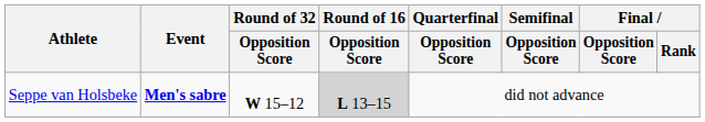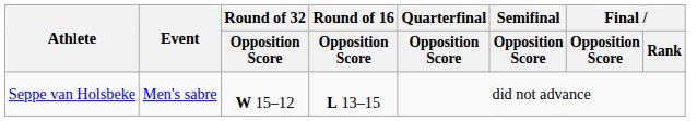 <table class="wikitable" style="font-size:90%">
 <tr>
 <th rowspan=2>Athlete</th>
 <th rowspan=2>Event</th>
 <th>Round of 32</th>
 <th>Round of 16</th>
 <th>Quarterfinal</th>
 <th>Semifinal</th>
 <th colspan=2>Final / </th>
 </tr>
 <tr style="font-size:95%">
 <th>Opposition<br>Score</th>
 <th>Opposition<br>Score</th>
 <th>Opposition<br>Score</th>
 <th>Opposition<br>Score</th>
 <th>Opposition<br>Score</th>
 <th>Rank</th>
 </tr>
 <tr align=center>
 <td align=left><a href='#'>Seppe van Holsbeke</a></td>
-<td align=left><strong><a href='#'>Men's sabre</a></strong></td>
+<td align=left><a href='#'>Men's sabre</a></td>
 <td><br><strong>W</strong> 15–12</td>
-<td style="background: lightgrey;"><br><strong>L</strong> 13–15</td>
+<td><br><strong>L</strong> 13–15</td>
 <td colspan=4>did not advance</td>
 </tr>
 </table>
